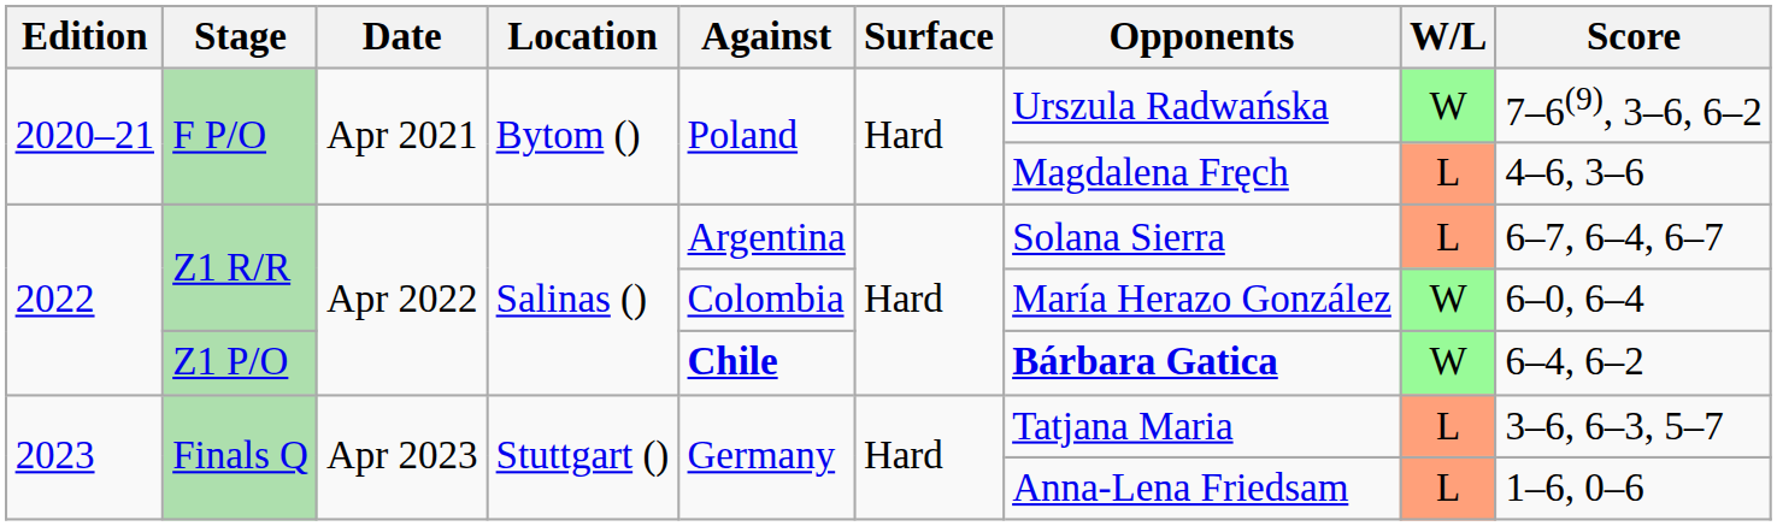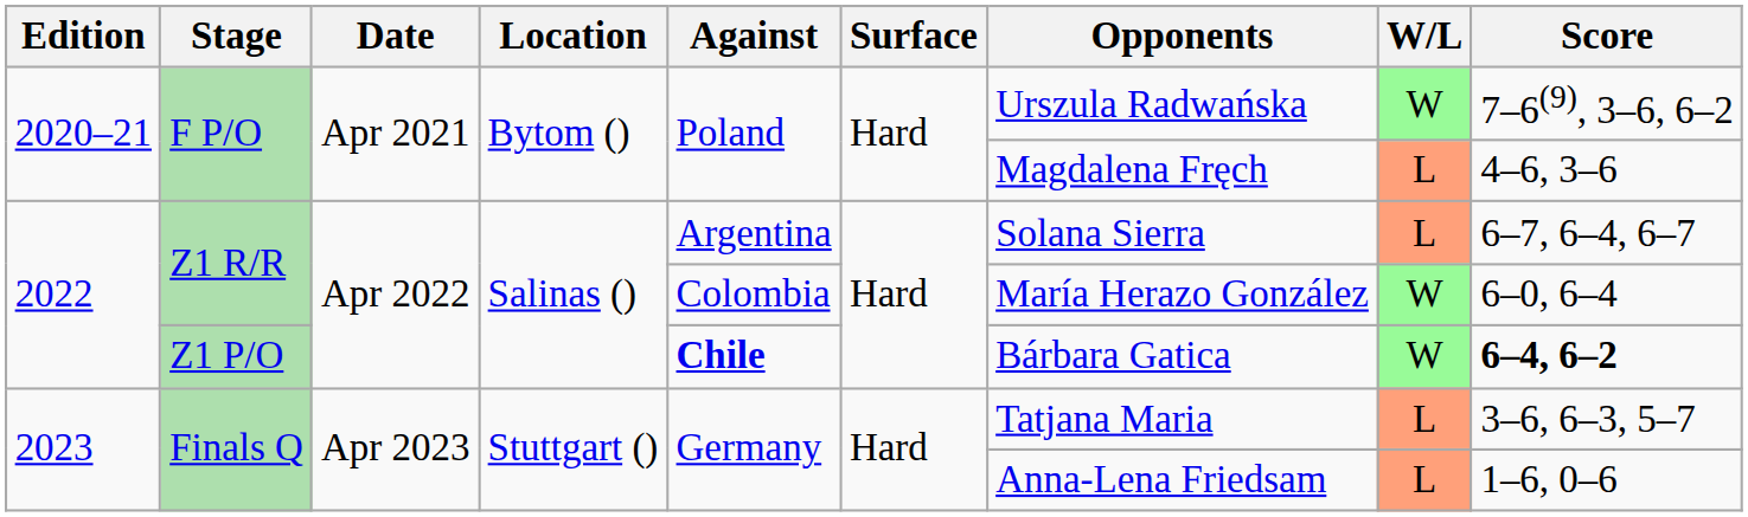 <table class=wikitable>
 <tr>
 <th>Edition</th>
 <th>Stage</th>
 <th>Date</th>
 <th>Location</th>
 <th>Against</th>
 <th>Surface</th>
 <th>Opponents</th>
 <th>W/L</th>
 <th>Score</th>
 </tr>
 <tr>
 <td rowspan=2><a href='#'>2020–21</a></td>
 <td bgcolor=addfad rowspan=2><a href='#'>F P/O</a></td>
 <td rowspan=2>Apr 2021</td>
 <td rowspan=2><a href='#'>Bytom</a> ()</td>
 <td rowspan=2> <a href='#'>Poland</a></td>
 <td rowspan=2>Hard</td>
 <td> <a href='#'>Urszula Radwańska</a></td>
 <td style="text-align:center; background:#98fb98;">W</td>
 <td>7–6<sup>(9)</sup>, 3–6, 6–2</td>
 </tr>
 <tr>
 <td> <a href='#'>Magdalena Fręch</a></td>
 <td style="text-align:center; background:#ffa07a;">L</td>
 <td>4–6, 3–6</td>
 </tr>
 <tr>
 <td rowspan=3><a href='#'>2022</a></td>
 <td bgcolor=addfad rowspan=2><a href='#'>Z1 R/R</a></td>
 <td rowspan=3>Apr 2022</td>
 <td rowspan=3><a href='#'>Salinas</a> ()</td>
 <td> <a href='#'>Argentina</a></td>
 <td rowspan=3>Hard</td>
 <td> <a href='#'>Solana Sierra</a></td>
 <td style="text-align:center; background:#ffa07a;">L</td>
 <td>6–7, 6–4, 6–7</td>
 </tr>
 <tr>
 <td> <a href='#'>Colombia</a></td>
 <td>  <a href='#'>María Herazo González</a></td>
 <td style="text-align:center; background:#98fb98;">W</td>
 <td>6–0, 6–4</td>
 </tr>
 <tr>
 <td bgcolor=addfad><a href='#'>Z1 P/O</a></td>
 <td><strong> <a href='#'>Chile</a></strong></td>
-<td><strong> <a href='#'>Bárbara Gatica</a></strong></td>
+<td> <a href='#'>Bárbara Gatica</a></td>
 <td style="text-align:center; background:#98fb98;">W</td>
-<td>6–4, 6–2</td>
+<td><strong>6–4, 6–2</strong></td>
 </tr>
 <tr>
 <td rowspan=2><a href='#'>2023</a></td>
 <td bgcolor=addfad rowspan=2><a href='#'>Finals Q</a></td>
 <td rowspan=2>Apr 2023</td>
 <td rowspan=2><a href='#'>Stuttgart</a> ()</td>
 <td rowspan=2> <a href='#'>Germany</a></td>
 <td rowspan=2>Hard</td>
 <td> <a href='#'>Tatjana Maria</a></td>
 <td style="text-align:center; background:#ffa07a;">L</td>
 <td>3–6, 6–3, 5–7</td>
 </tr>
 <tr>
 <td> <a href='#'>Anna-Lena Friedsam</a></td>
 <td style="text-align:center; background:#ffa07a;">L</td>
 <td>1–6, 0–6<br></td>
 </tr>
 </table>
